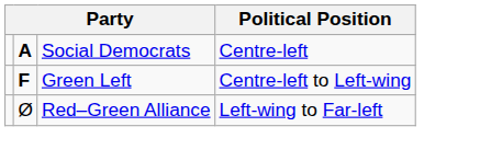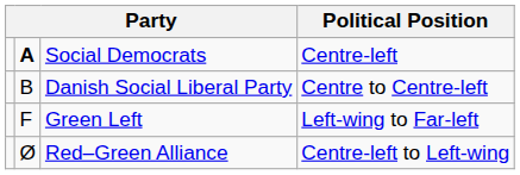 <table class="wikitable mw-collapsible mw-collapsed">
 <tr>
 <th colspan="3">Party</th>
 <th>Political Position</th>
 </tr>
 <tr>
 <td></td>
 <td><strong>A</strong></td>
 <td><a href='#'>Social Democrats</a></td>
 <td><a href='#'>Centre-left</a></td>
 </tr>
 <tr>
 <td></td>
-<td><strong>F</strong></td>
+<td>B</td>
+<td><a href='#'>Danish Social Liberal Party</a></td>
+<td><a href='#'>Centre</a> to <a href='#'>Centre-left</a></td>
+</tr>
+<tr>
+<td></td>
+<td>F</td>
 <td><a href='#'>Green Left</a></td>
-<td><a href='#'>Centre-left</a> to <a href='#'>Left-wing</a></td>
+<td><a href='#'>Left-wing</a> to <a href='#'>Far-left</a></td>
 </tr>
 <tr>
 <td></td>
 <td>Ø</td>
 <td><a href='#'>Red–Green Alliance</a></td>
-<td><a href='#'>Left-wing</a> to <a href='#'>Far-left</a></td>
+<td><a href='#'>Centre-left</a> to <a href='#'>Left-wing</a></td>
 </tr>
 </table>
